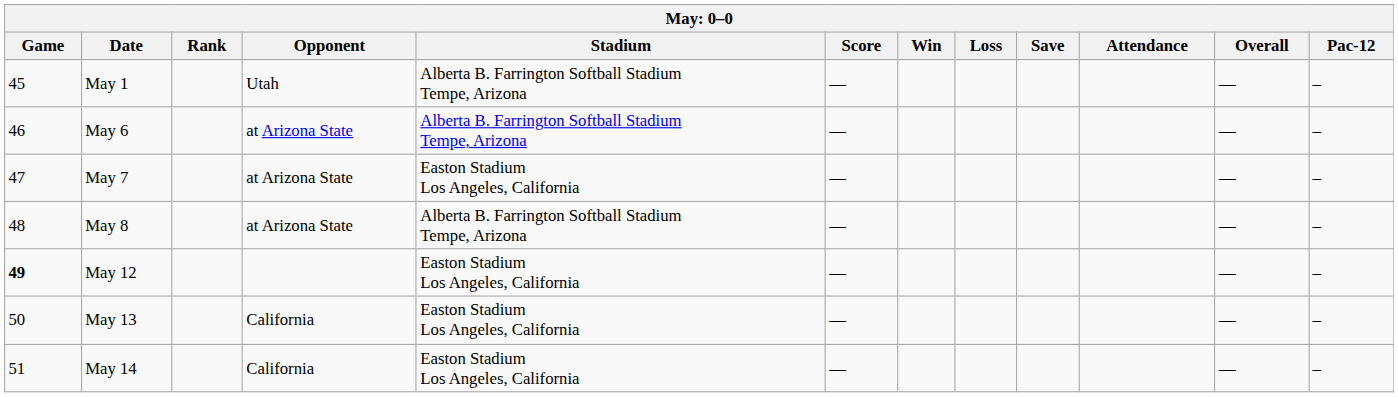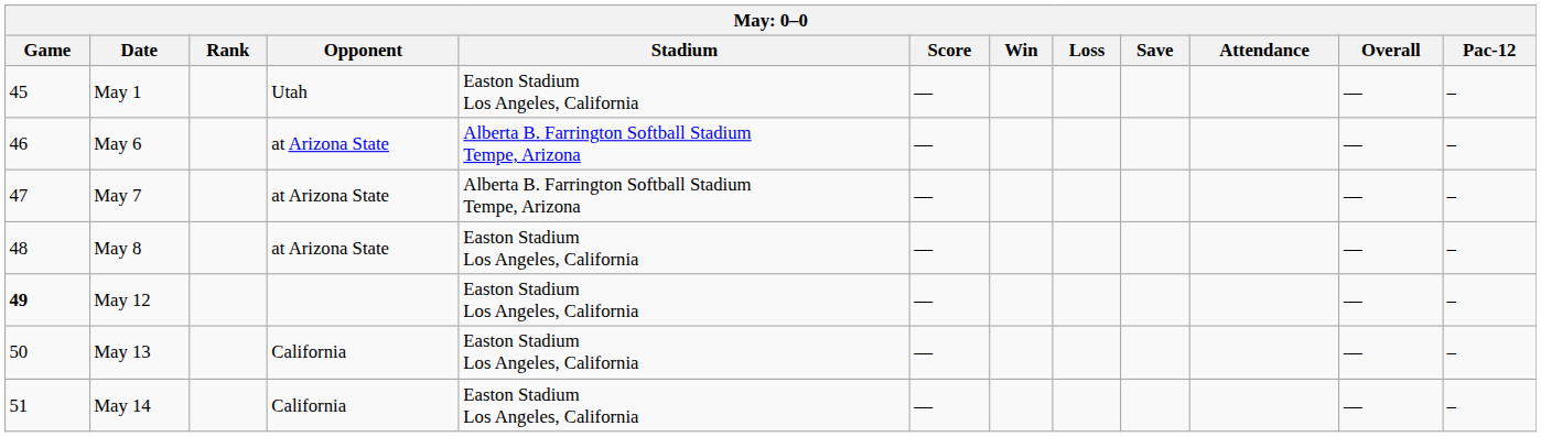 <table class="wikitable collapsible collapsed" style="margin:auto; font-size:95%; width:100%">
 <tr>
 <th colspan=12>May: 0–0</th>
 </tr>
 <tr>
 <th>Game</th>
 <th>Date</th>
 <th>Rank</th>
 <th>Opponent</th>
 <th>Stadium</th>
 <th>Score</th>
 <th>Win</th>
 <th>Loss</th>
 <th>Save</th>
 <th>Attendance</th>
 <th>Overall</th>
 <th>Pac-12</th>
 </tr>
 <tr style="background:">
 <td>45</td>
 <td>May 1</td>
 <td></td>
 <td>Utah</td>
-<td>Alberta B. Farrington Softball Stadium<br>Tempe, Arizona</td>
+<td>Easton Stadium<br>Los Angeles, California</td>
 <td>—</td>
 <td></td>
 <td></td>
 <td></td>
 <td></td>
 <td>—</td>
 <td>–</td>
 </tr>
 <tr style="background:">
 <td>46</td>
 <td>May 6</td>
 <td></td>
 <td>at <a href='#'>Arizona State</a></td>
 <td><a href='#'>Alberta B. Farrington Softball Stadium</a><br><a href='#'>Tempe, Arizona</a></td>
 <td>—</td>
 <td></td>
 <td></td>
 <td></td>
 <td></td>
 <td>—</td>
 <td>–</td>
 </tr>
 <tr style="background:">
 <td>47</td>
 <td>May 7</td>
 <td></td>
 <td>at Arizona State</td>
-<td>Easton Stadium<br>Los Angeles, California</td>
+<td>Alberta B. Farrington Softball Stadium<br>Tempe, Arizona</td>
 <td>—</td>
 <td></td>
 <td></td>
 <td></td>
 <td></td>
 <td>—</td>
 <td>–</td>
 </tr>
 <tr style="background:">
 <td>48</td>
 <td>May 8</td>
 <td></td>
 <td>at Arizona State</td>
-<td>Alberta B. Farrington Softball Stadium<br>Tempe, Arizona</td>
+<td>Easton Stadium<br>Los Angeles, California</td>
 <td>—</td>
 <td></td>
 <td></td>
 <td></td>
 <td></td>
 <td>—</td>
 <td>–</td>
 </tr>
 <tr style="background:">
 <td><strong>49</strong></td>
 <td>May 12</td>
 <td></td>
 <td></td>
 <td>Easton Stadium<br>Los Angeles, California</td>
 <td>—</td>
 <td></td>
 <td></td>
 <td></td>
 <td></td>
 <td>—</td>
 <td>–</td>
 </tr>
 <tr style="background:">
 <td>50</td>
 <td>May 13</td>
 <td></td>
 <td>California</td>
 <td>Easton Stadium<br>Los Angeles, California</td>
 <td>—</td>
 <td></td>
 <td></td>
 <td></td>
 <td></td>
 <td>—</td>
 <td>–</td>
 </tr>
 <tr style="background:">
 <td>51</td>
 <td>May 14</td>
 <td></td>
 <td>California</td>
 <td>Easton Stadium<br>Los Angeles, California</td>
 <td>—</td>
 <td></td>
 <td></td>
 <td></td>
 <td></td>
 <td>—</td>
 <td>–</td>
 </tr>
 </table>
